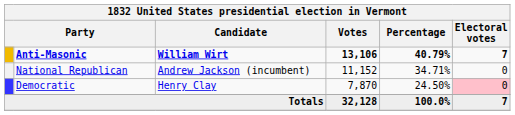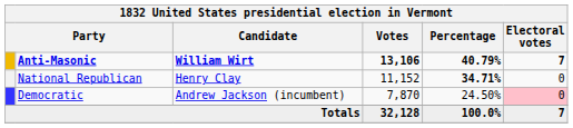 <table class="wikitable" style="font-size: 95%;">
 <tr>
 <th colspan="6">1832 United States presidential election in Vermont</th>
 </tr>
 <tr>
 <th colspan="2" style="width: 15em">Party</th>
 <th style="width: 17em">Candidate</th>
 <th style="width: 5em">Votes</th>
 <th style="width: 7em">Percentage</th>
 <th style="width: 5em">Electoral votes</th>
 </tr>
 <tr>
 <th style="background-color:#F1BA00; width: 3px"></th>
 <td style="width: 130px"><strong><a href='#'>Anti-Masonic</a></strong></td>
 <td><strong><a href='#'>William Wirt</a></strong></td>
 <td align="right"><strong>13,106</strong></td>
 <td align="right"><strong>40.79%</strong></td>
 <td align="right"><strong>7</strong></td>
 </tr>
 <tr>
 <th></th>
 <td style="width: 130px"><a href='#'>National Republican</a></td>
-<td><a href='#'>Andrew Jackson</a> (incumbent)</td>
+<td><a href='#'>Henry Clay</a></td>
 <td align="right">11,152</td>
-<td align="right">34.71%</td>
+<td align="right"><strong>34.71%</strong></td>
 <td align="right">0</td>
 </tr>
 <tr>
 <th style="background-color:#3333FF; width: 3px"></th>
 <td style="width: 130px"><a href='#'>Democratic</a></td>
-<td><a href='#'>Henry Clay</a></td>
+<td><a href='#'>Andrew Jackson</a> (incumbent)</td>
 <td align="right">7,870</td>
 <td align="right">24.50%</td>
 <td align="right" style="background: pink;">0</td>
 </tr>
 <tr>
 </tr>
 <tr bgcolor="#EEEEEE">
 <td colspan="3" align="right"><strong>Totals</strong></td>
 <td align="right"><strong>32,128</strong></td>
 <td align="right"><strong>100.0%</strong></td>
 <td align="right"><strong>7</strong></td>
 </tr>
 <tr>
 </tr>
 </table>
